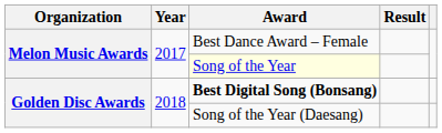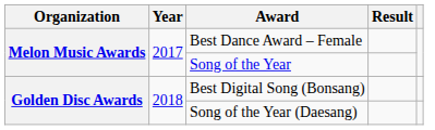 <table class="wikitable sortable plainrowheaders">
 <tr>
 <th scope="col">Organization</th>
 <th scope="col">Year</th>
 <th scope="col">Award</th>
 <th scope="col">Result</th>
 <th class="unsortable"></th>
 </tr>
 <tr>
 <th scope="row" rowspan="2"><a href='#'>Melon Music Awards</a></th>
 <td rowspan="2" align="center"><a href='#'>2017</a></td>
 <td>Best Dance Award – Female</td>
 <td></td>
 <td align="center" rowspan="2"></td>
 </tr>
 <tr>
-<td style="background: lightyellow;"><a href='#'>Song of the Year</a></td>
+<td><a href='#'>Song of the Year</a></td>
 <td></td>
 </tr>
 <tr>
 <th scope="row" rowspan="2"><a href='#'>Golden Disc Awards</a></th>
 <td rowspan="2" align="center"><a href='#'>2018</a></td>
-<td><strong>Best Digital Song (Bonsang)</strong></td>
+<td>Best Digital Song (Bonsang)</td>
 <td></td>
 <td align="center"></td>
 </tr>
 <tr>
 <td>Song of the Year (Daesang)</td>
 <td></td>
 <td align="center"></td>
 </tr>
 </table>
